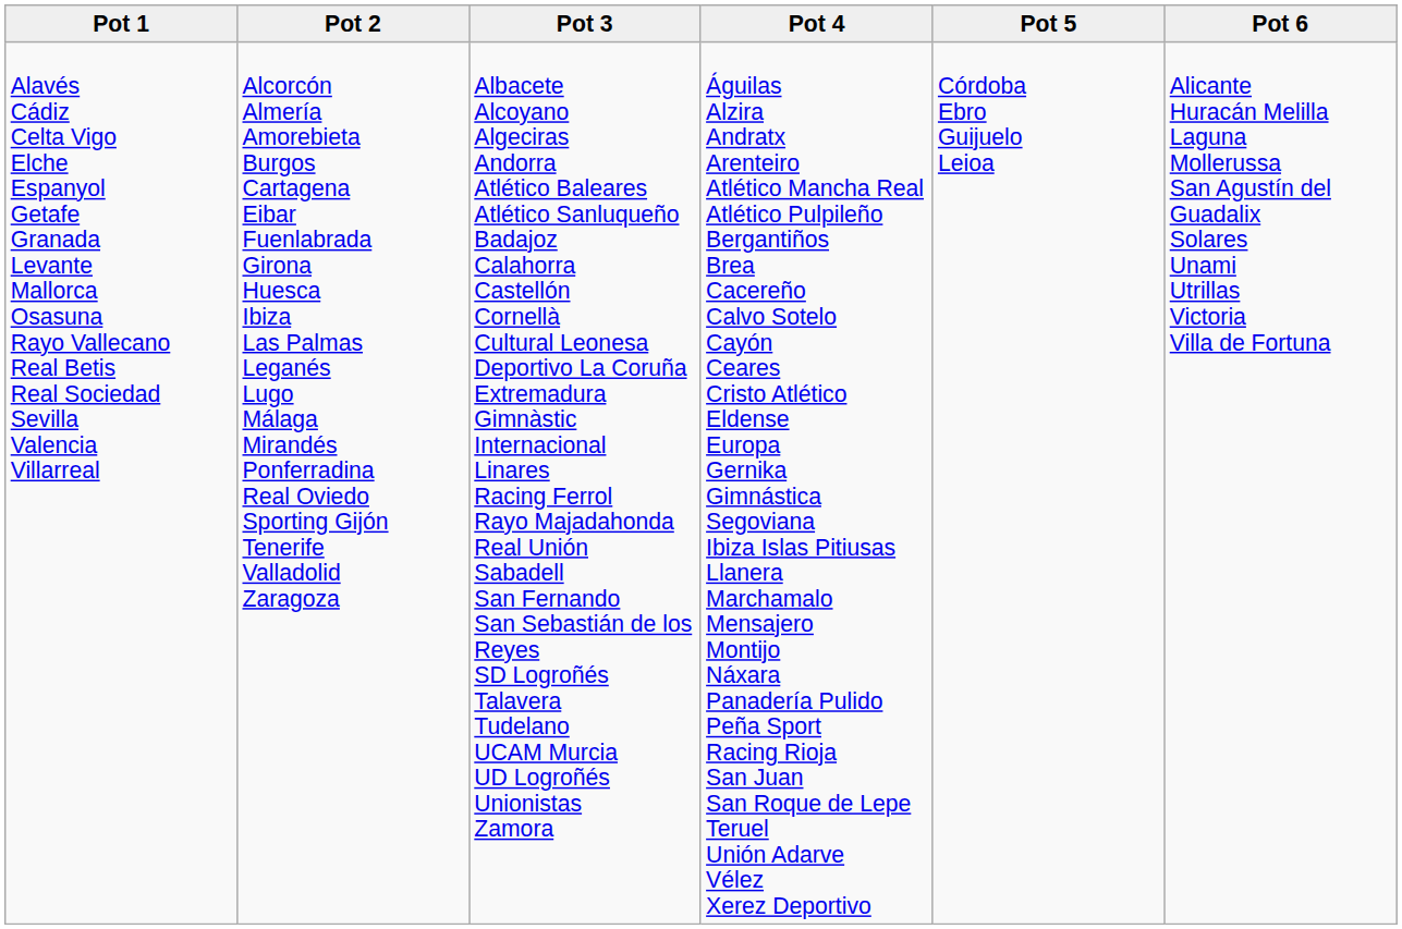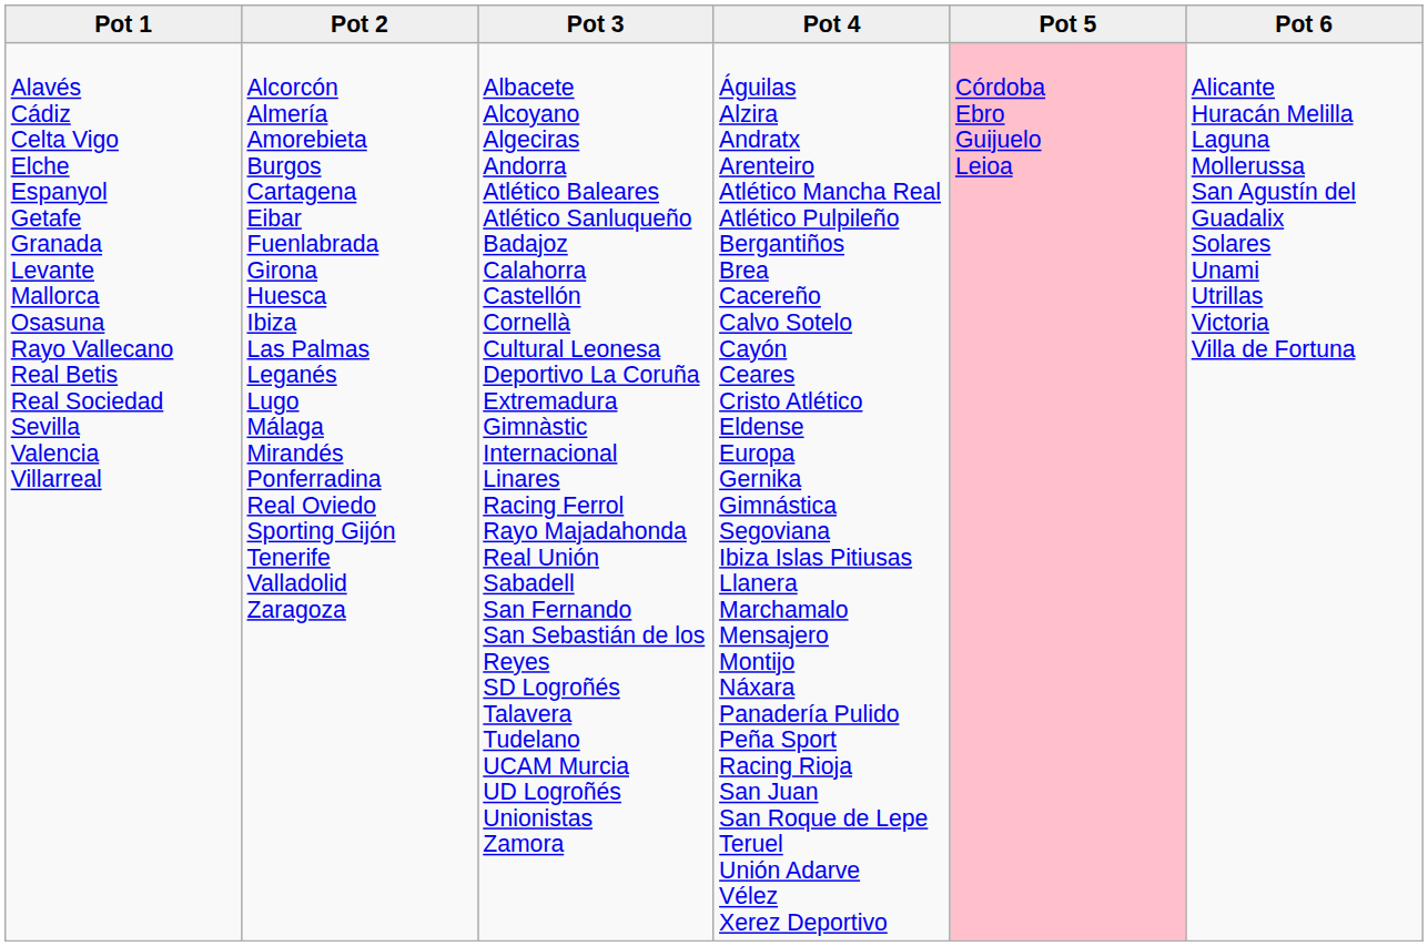 <table class="wikitable" style="font-size:90%">
 <tr bgcolor=#efefef align=center>
 <td width=15%><strong>Pot 1</strong><br></td>
 <td width=15%><strong>Pot 2</strong><br></td>
 <td width=15%><strong>Pot 3</strong><br></td>
 <td width=15%><strong>Pot 4</strong><br></td>
 <td width=15%><strong>Pot 5</strong><br></td>
 <td width=15%><strong>Pot 6</strong><br></td>
 </tr>
 <tr valign=top>
 <td><br><a href='#'>Alavés</a><br> <a href='#'>Cádiz</a><br> <a href='#'>Celta Vigo</a><br> <a href='#'>Elche</a><br> <a href='#'>Espanyol</a><br> <a href='#'>Getafe</a><br> <a href='#'>Granada</a><br> <a href='#'>Levante</a><br> <a href='#'>Mallorca</a><br> <a href='#'>Osasuna</a><br> <a href='#'>Rayo Vallecano</a><br> <a href='#'>Real Betis</a><br> <a href='#'>Real Sociedad</a><br> <a href='#'>Sevilla</a><br> <a href='#'>Valencia</a><br> <a href='#'>Villarreal</a></td>
 <td><br><a href='#'>Alcorcón</a><br> <a href='#'>Almería</a><br> <a href='#'>Amorebieta</a><br> <a href='#'>Burgos</a><br> <a href='#'>Cartagena</a><br> <a href='#'>Eibar</a><br> <a href='#'>Fuenlabrada</a><br> <a href='#'>Girona</a><br> <a href='#'>Huesca</a><br> <a href='#'>Ibiza</a><br> <a href='#'>Las Palmas</a><br> <a href='#'>Leganés</a><br> <a href='#'>Lugo</a><br> <a href='#'>Málaga</a><br> <a href='#'>Mirandés</a><br> <a href='#'>Ponferradina</a><br> <a href='#'>Real Oviedo</a><br> <a href='#'>Sporting Gijón</a><br> <a href='#'>Tenerife</a><br> <a href='#'>Valladolid</a><br> <a href='#'>Zaragoza</a></td>
 <td><br><a href='#'>Albacete</a><br> <a href='#'>Alcoyano</a><br> <a href='#'>Algeciras</a><br> <a href='#'>Andorra</a><br> <a href='#'>Atlético Baleares</a><br> <a href='#'>Atlético Sanluqueño</a><br> <a href='#'>Badajoz</a><br> <a href='#'>Calahorra</a><br> <a href='#'>Castellón</a><br> <a href='#'>Cornellà</a><br> <a href='#'>Cultural Leonesa</a><br> <a href='#'>Deportivo La Coruña</a><br> <a href='#'>Extremadura</a><br> <a href='#'>Gimnàstic</a><br> <a href='#'>Internacional</a><br> <a href='#'>Linares</a><br> <a href='#'>Racing Ferrol</a><br> <a href='#'>Rayo Majadahonda</a><br> <a href='#'>Real Unión</a><br> <a href='#'>Sabadell</a><br> <a href='#'>San Fernando</a><br> <a href='#'>San Sebastián de los Reyes</a><br> <a href='#'>SD Logroñés</a><br> <a href='#'>Talavera</a><br> <a href='#'>Tudelano</a><br> <a href='#'>UCAM Murcia</a><br> <a href='#'>UD Logroñés</a><br> <a href='#'>Unionistas</a><br> <a href='#'>Zamora</a></td>
 <td><br><a href='#'>Águilas</a><br> <a href='#'>Alzira</a><br> <a href='#'>Andratx</a><br> <a href='#'>Arenteiro</a><br> <a href='#'>Atlético Mancha Real</a><br> <a href='#'>Atlético Pulpileño</a><br> <a href='#'>Bergantiños</a><br> <a href='#'>Brea</a><br> <a href='#'>Cacereño</a><br> <a href='#'>Calvo Sotelo</a><br> <a href='#'>Cayón</a><br> <a href='#'>Ceares</a><br> <a href='#'>Cristo Atlético</a><br> <a href='#'>Eldense</a><br> <a href='#'>Europa</a><br> <a href='#'>Gernika</a><br> <a href='#'>Gimnástica Segoviana</a><br> <a href='#'>Ibiza Islas Pitiusas</a><br> <a href='#'>Llanera</a><br> <a href='#'>Marchamalo</a><br> <a href='#'>Mensajero</a><br> <a href='#'>Montijo</a><br> <a href='#'>Náxara</a><br> <a href='#'>Panadería Pulido</a><br> <a href='#'>Peña Sport</a><br> <a href='#'>Racing Rioja</a><br> <a href='#'>San Juan</a><br> <a href='#'>San Roque de Lepe</a><br> <a href='#'>Teruel</a><br> <a href='#'>Unión Adarve</a><br> <a href='#'>Vélez</a><br> <a href='#'>Xerez Deportivo</a></td>
-<td><br><a href='#'>Córdoba</a><br> <a href='#'>Ebro</a><br> <a href='#'>Guijuelo</a><br> <a href='#'>Leioa</a></td>
+<td style="background: pink;"><br><a href='#'>Córdoba</a><br> <a href='#'>Ebro</a><br> <a href='#'>Guijuelo</a><br> <a href='#'>Leioa</a></td>
 <td><br><a href='#'>Alicante</a><br> <a href='#'>Huracán Melilla</a><br> <a href='#'>Laguna</a><br> <a href='#'>Mollerussa</a><br> <a href='#'>San Agustín del Guadalix</a><br> <a href='#'>Solares</a><br> <a href='#'>Unami</a><br> <a href='#'>Utrillas</a><br> <a href='#'>Victoria</a><br> <a href='#'>Villa de Fortuna</a></td>
 </tr>
 </table>
